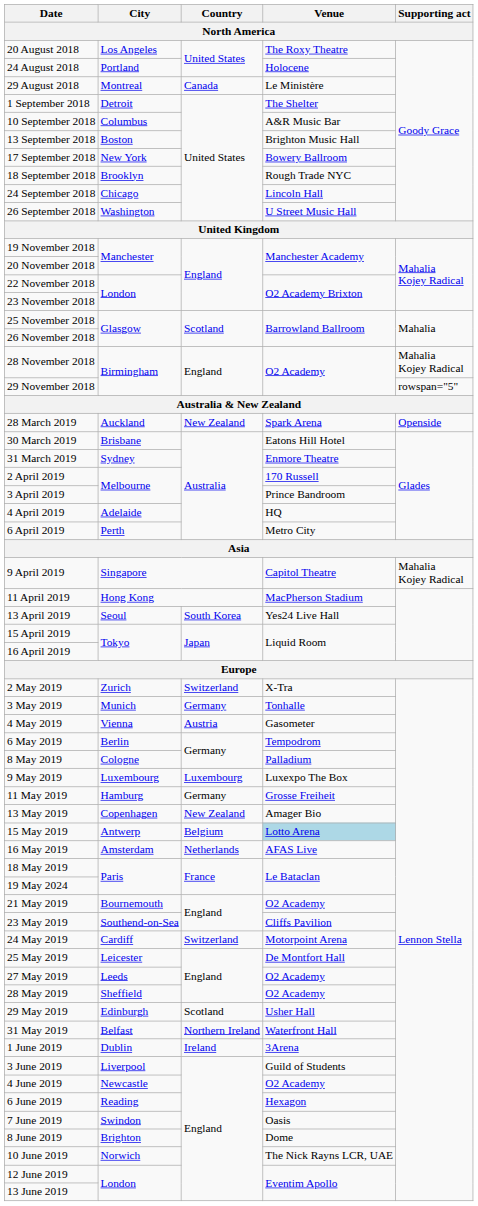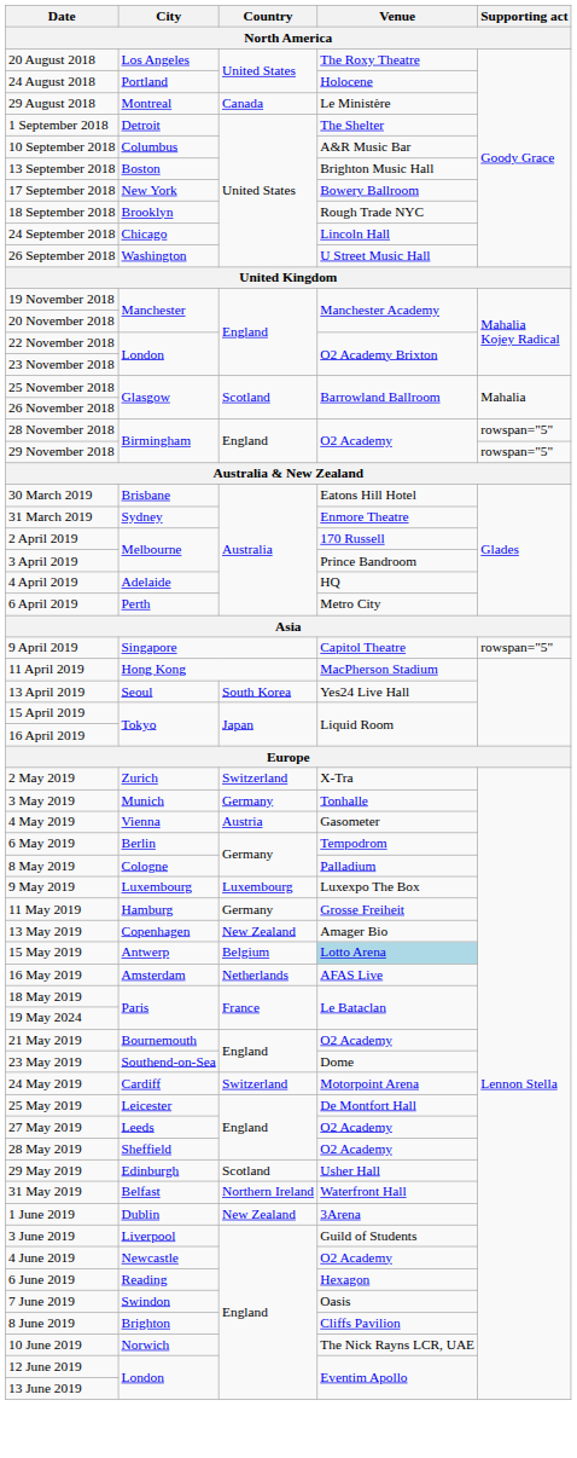 <table class="wikitable">
 <tr>
 <th>Date</th>
 <th>City</th>
 <th>Country</th>
 <th>Venue</th>
 <th>Supporting act</th>
 </tr>
 <tr>
 <th colspan="5">North America</th>
 </tr>
 <tr>
 <td>20 August 2018</td>
 <td><a href='#'>Los Angeles</a></td>
 <td rowspan="2"><a href='#'>United States</a></td>
 <td><a href='#'>The Roxy Theatre</a></td>
 <td rowspan="10"><a href='#'>Goody Grace</a></td>
 </tr>
 <tr>
 <td>24 August 2018</td>
 <td><a href='#'>Portland</a></td>
 <td><a href='#'>Holocene</a></td>
 </tr>
 <tr>
 <td>29 August 2018</td>
 <td><a href='#'>Montreal</a></td>
 <td><a href='#'>Canada</a></td>
 <td>Le Ministère</td>
 </tr>
 <tr>
 <td>1 September 2018</td>
 <td><a href='#'>Detroit</a></td>
 <td rowspan="7">United States</td>
 <td><a href='#'>The Shelter</a></td>
 </tr>
 <tr>
 <td>10 September 2018</td>
 <td><a href='#'>Columbus</a></td>
 <td>A&R Music Bar</td>
 </tr>
 <tr>
 <td>13 September 2018</td>
 <td><a href='#'>Boston</a></td>
 <td>Brighton Music Hall</td>
 </tr>
 <tr>
 <td>17 September 2018</td>
 <td><a href='#'>New York</a></td>
 <td><a href='#'>Bowery Ballroom</a></td>
 </tr>
 <tr>
 <td>18 September 2018</td>
 <td><a href='#'>Brooklyn</a></td>
 <td>Rough Trade NYC</td>
 </tr>
 <tr>
 <td>24 September 2018</td>
 <td><a href='#'>Chicago</a></td>
 <td><a href='#'>Lincoln Hall</a></td>
 </tr>
 <tr>
 <td>26 September 2018</td>
 <td><a href='#'>Washington</a></td>
 <td><a href='#'>U Street Music Hall</a></td>
 </tr>
 <tr>
 <th colspan="5">United Kingdom</th>
 </tr>
 <tr>
 <td>19 November 2018</td>
 <td rowspan="2"><a href='#'>Manchester</a></td>
 <td rowspan="4"><a href='#'>England</a></td>
 <td rowspan="2"><a href='#'>Manchester Academy</a></td>
 <td rowspan="4"><a href='#'>Mahalia</a><br><a href='#'>Kojey Radical</a></td>
 </tr>
 <tr>
 <td>20 November 2018</td>
 </tr>
 <tr>
 <td>22 November 2018</td>
 <td rowspan="2"><a href='#'>London</a></td>
 <td rowspan="2"><a href='#'>O2 Academy Brixton</a></td>
 </tr>
 <tr>
 <td>23 November 2018</td>
 </tr>
 <tr>
 <td>25 November 2018</td>
 <td rowspan="2"><a href='#'>Glasgow</a></td>
 <td rowspan="2"><a href='#'>Scotland</a></td>
 <td rowspan="2"><a href='#'>Barrowland Ballroom</a></td>
 <td rowspan="2">Mahalia</td>
 </tr>
 <tr>
 <td>26 November 2018</td>
 </tr>
 <tr>
 <td>28 November 2018</td>
 <td rowspan="2"><a href='#'>Birmingham</a></td>
 <td rowspan="2">England</td>
 <td rowspan="2"><a href='#'>O2 Academy</a></td>
-<td>Mahalia<br>Kojey Radical</td>
+<td>rowspan="5" </td>
 </tr>
 <tr>
 <td>29 November 2018</td>
 <td>rowspan="5" </td>
 </tr>
 <tr>
 <th colspan="5">Australia & New Zealand</th>
-</tr>
-<tr>
-<td>28 March 2019</td>
-<td><a href='#'>Auckland</a></td>
-<td><a href='#'>New Zealand</a></td>
-<td><a href='#'>Spark Arena</a></td>
-<td><a href='#'>Openside</a></td>
 </tr>
 <tr>
 <td>30 March 2019</td>
 <td><a href='#'>Brisbane</a></td>
 <td rowspan="6"><a href='#'>Australia</a></td>
 <td>Eatons Hill Hotel</td>
 <td rowspan="6"><a href='#'>Glades</a></td>
 </tr>
 <tr>
 <td>31 March 2019</td>
 <td><a href='#'>Sydney</a></td>
 <td><a href='#'>Enmore Theatre</a></td>
 </tr>
 <tr>
 <td>2 April 2019</td>
 <td rowspan="2"><a href='#'>Melbourne</a></td>
 <td><a href='#'>170 Russell</a></td>
 </tr>
 <tr>
 <td>3 April 2019</td>
 <td>Prince Bandroom</td>
 </tr>
 <tr>
 <td>4 April 2019</td>
 <td><a href='#'>Adelaide</a></td>
 <td>HQ</td>
 </tr>
 <tr>
 <td>6 April 2019</td>
 <td><a href='#'>Perth</a></td>
 <td>Metro City</td>
 </tr>
 <tr>
 <th colspan="5">Asia</th>
 </tr>
 <tr>
 <td>9 April 2019</td>
 <td colspan="2"><a href='#'>Singapore</a></td>
 <td><a href='#'>Capitol Theatre</a></td>
-<td>Mahalia<br>Kojey Radical</td>
+<td>rowspan="5" </td>
 </tr>
 <tr>
 <td>11 April 2019</td>
 <td colspan="2"><a href='#'>Hong Kong</a></td>
 <td><a href='#'>MacPherson Stadium</a></td>
 </tr>
 <tr>
 <td>13 April 2019</td>
 <td><a href='#'>Seoul</a></td>
 <td><a href='#'>South Korea</a></td>
 <td>Yes24 Live Hall</td>
 </tr>
 <tr>
 <td>15 April 2019</td>
 <td rowspan="2"><a href='#'>Tokyo</a></td>
 <td rowspan="2"><a href='#'>Japan</a></td>
 <td rowspan="2">Liquid Room</td>
 </tr>
 <tr>
 <td>16 April 2019</td>
 </tr>
 <tr>
 <th colspan="5">Europe</th>
 </tr>
 <tr>
 <td>2 May 2019</td>
 <td><a href='#'>Zurich</a></td>
 <td><a href='#'>Switzerland</a></td>
 <td>X-Tra</td>
 <td rowspan="29"><a href='#'>Lennon Stella</a></td>
 </tr>
 <tr>
 <td>3 May 2019</td>
 <td><a href='#'>Munich</a></td>
 <td><a href='#'>Germany</a></td>
 <td><a href='#'>Tonhalle</a></td>
 </tr>
 <tr>
 <td>4 May 2019</td>
 <td><a href='#'>Vienna</a></td>
 <td><a href='#'>Austria</a></td>
 <td>Gasometer</td>
 </tr>
 <tr>
 <td>6 May 2019</td>
 <td><a href='#'>Berlin</a></td>
 <td rowspan="2">Germany</td>
 <td><a href='#'>Tempodrom</a></td>
 </tr>
 <tr>
 <td>8 May 2019</td>
 <td><a href='#'>Cologne</a></td>
 <td><a href='#'>Palladium</a></td>
 </tr>
 <tr>
 <td>9 May 2019</td>
 <td><a href='#'>Luxembourg</a></td>
 <td><a href='#'>Luxembourg</a></td>
 <td>Luxexpo The Box</td>
 </tr>
 <tr>
 <td>11 May 2019</td>
 <td><a href='#'>Hamburg</a></td>
 <td>Germany</td>
 <td><a href='#'>Grosse Freiheit</a></td>
 </tr>
 <tr>
 <td>13 May 2019</td>
 <td><a href='#'>Copenhagen</a></td>
 <td><a href='#'>New Zealand</a></td>
 <td>Amager Bio</td>
 </tr>
 <tr>
 <td>15 May 2019</td>
 <td><a href='#'>Antwerp</a></td>
 <td><a href='#'>Belgium</a></td>
 <td style="background: lightblue;"><a href='#'>Lotto Arena</a></td>
 </tr>
 <tr>
 <td>16 May 2019</td>
 <td><a href='#'>Amsterdam</a></td>
 <td><a href='#'>Netherlands</a></td>
 <td><a href='#'>AFAS Live</a></td>
 </tr>
 <tr>
 <td>18 May 2019</td>
 <td rowspan="2"><a href='#'>Paris</a></td>
 <td rowspan="2"><a href='#'>France</a></td>
 <td rowspan="2"><a href='#'>Le Bataclan</a></td>
 </tr>
 <tr>
 <td>19 May 2024</td>
 </tr>
 <tr>
 <td>21 May 2019</td>
 <td><a href='#'>Bournemouth</a></td>
 <td rowspan="2">England</td>
 <td><a href='#'>O2 Academy</a></td>
 </tr>
 <tr>
 <td>23 May 2019</td>
 <td><a href='#'>Southend-on-Sea</a></td>
-<td><a href='#'>Cliffs Pavilion</a></td>
+<td>Dome</td>
 </tr>
 <tr>
 <td>24 May 2019</td>
 <td><a href='#'>Cardiff</a></td>
 <td><a href='#'>Switzerland</a></td>
 <td><a href='#'>Motorpoint Arena</a></td>
 </tr>
 <tr>
 <td>25 May 2019</td>
 <td><a href='#'>Leicester</a></td>
 <td rowspan="3">England</td>
 <td><a href='#'>De Montfort Hall</a></td>
 </tr>
 <tr>
 <td>27 May 2019</td>
 <td><a href='#'>Leeds</a></td>
 <td><a href='#'>O2 Academy</a></td>
 </tr>
 <tr>
 <td>28 May 2019</td>
 <td><a href='#'>Sheffield</a></td>
 <td><a href='#'>O2 Academy</a></td>
 </tr>
 <tr>
 <td>29 May 2019</td>
 <td><a href='#'>Edinburgh</a></td>
 <td>Scotland</td>
 <td><a href='#'>Usher Hall</a></td>
 </tr>
 <tr>
 <td>31 May 2019</td>
 <td><a href='#'>Belfast</a></td>
 <td><a href='#'>Northern Ireland</a></td>
 <td><a href='#'>Waterfront Hall</a></td>
 </tr>
 <tr>
 <td>1 June 2019</td>
 <td><a href='#'>Dublin</a></td>
-<td><a href='#'>Ireland</a></td>
+<td><a href='#'>New Zealand</a></td>
 <td><a href='#'>3Arena</a></td>
 </tr>
 <tr>
 <td>3 June 2019</td>
 <td><a href='#'>Liverpool</a></td>
 <td rowspan="8">England</td>
 <td>Guild of Students</td>
 </tr>
 <tr>
 <td>4 June 2019</td>
 <td><a href='#'>Newcastle</a></td>
 <td><a href='#'>O2 Academy</a></td>
 </tr>
 <tr>
 <td>6 June 2019</td>
 <td><a href='#'>Reading</a></td>
 <td><a href='#'>Hexagon</a></td>
 </tr>
 <tr>
 <td>7 June 2019</td>
 <td><a href='#'>Swindon</a></td>
 <td>Oasis</td>
 </tr>
 <tr>
 <td>8 June 2019</td>
 <td><a href='#'>Brighton</a></td>
-<td>Dome</td>
+<td><a href='#'>Cliffs Pavilion</a></td>
 </tr>
 <tr>
 <td>10 June 2019</td>
 <td><a href='#'>Norwich</a></td>
 <td>The Nick Rayns LCR, UAE</td>
 </tr>
 <tr>
 <td>12 June 2019</td>
 <td rowspan="2"><a href='#'>London</a></td>
 <td rowspan="2"><a href='#'>Eventim Apollo</a></td>
 </tr>
 <tr>
 <td>13 June 2019</td>
 </tr>
 </table>
